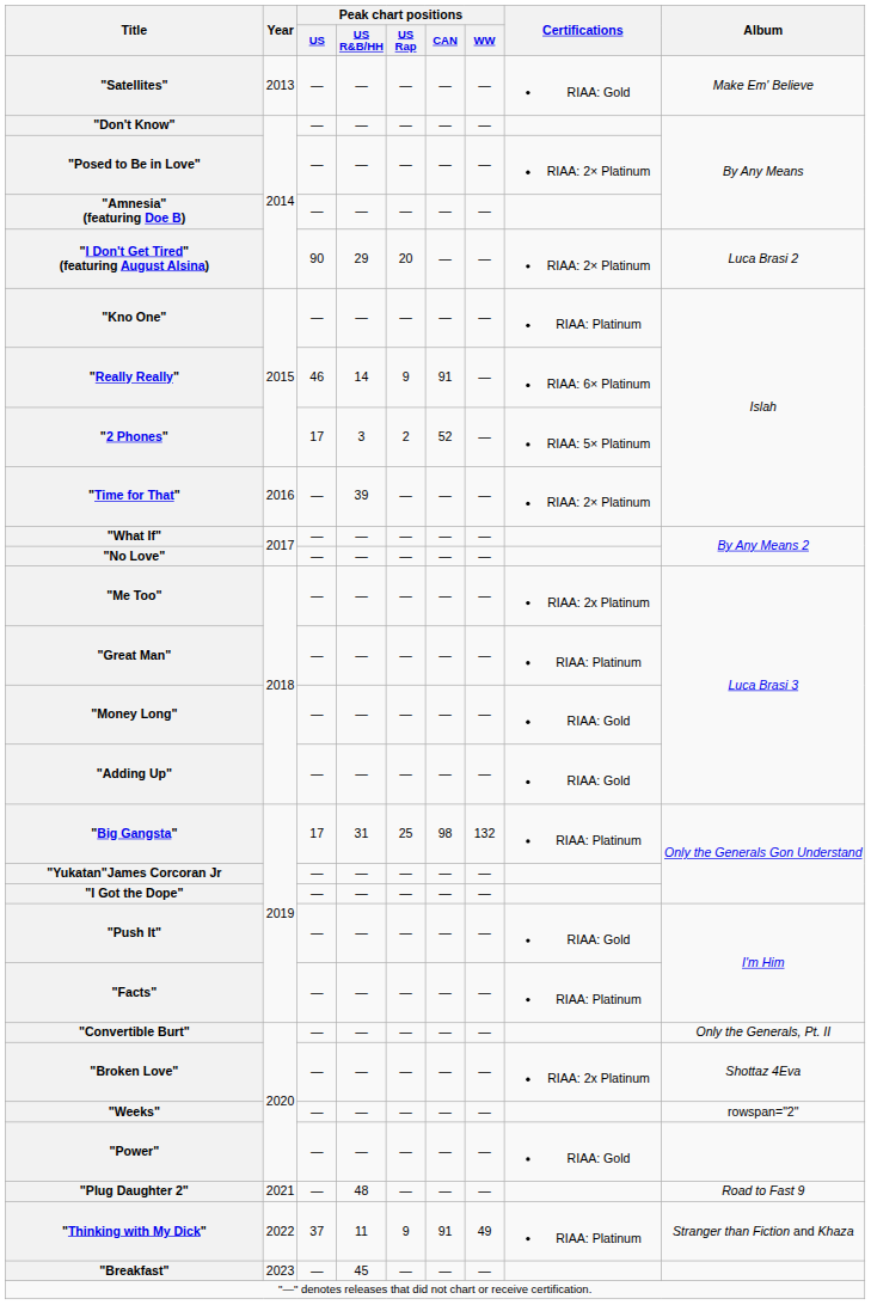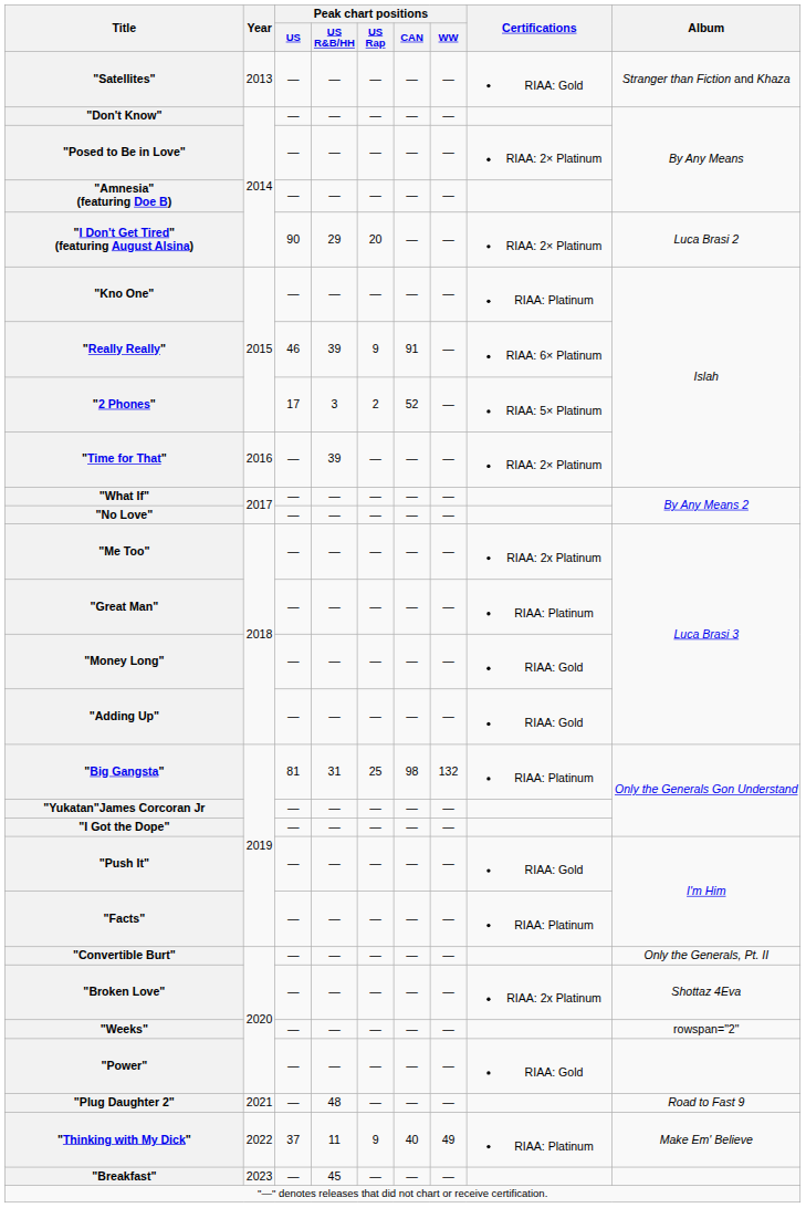 <table class="wikitable plainrowheaders" style="text-align:center;">
 <tr>
 <th scope="col" rowspan="2" style="width:20em;">Title</th>
 <th scope="col" rowspan="2">Year</th>
 <th colspan="5" scope="col">Peak chart positions</th>
 <th scope="col" rowspan="2" style="width:12em;"><a href='#'>Certifications</a></th>
 <th scope="col" rowspan="2">Album</th>
 </tr>
 <tr>
 <th style="width:3em;font-size:90%;"><a href='#'>US</a><br></th>
 <th style="width:3em;font-size:90%;"><a href='#'>US<br>R&B/HH</a><br></th>
 <th style="width:3em;font-size:90%;"><a href='#'>US<br>Rap</a><br></th>
 <th style="width:3em;font-size:90%;"><a href='#'>CAN</a><br></th>
 <th style="width:3em;font-size:90%;"><a href='#'>WW</a><br></th>
 </tr>
 <tr>
 <th scope="row">"Satellites"</th>
 <td>2013</td>
 <td>—</td>
 <td>—</td>
 <td>—</td>
 <td>—</td>
 <td>—</td>
 <td><br><ul><li>RIAA: Gold</li></ul></td>
-<td><em>Make Em' Believe</em></td>
+<td><em>Stranger than Fiction</em> and <em>Khaza</em></td>
 </tr>
 <tr>
 <th scope="row">"Don't Know"</th>
 <td rowspan="4">2014</td>
 <td>—</td>
 <td>—</td>
 <td>—</td>
 <td>—</td>
 <td>—</td>
 <td></td>
 <td rowspan="3"><em>By Any Means</em></td>
 </tr>
 <tr>
 <th scope="row">"Posed to Be in Love"</th>
 <td>—</td>
 <td>—</td>
 <td>—</td>
 <td>—</td>
 <td>—</td>
 <td><br><ul><li>RIAA: 2× Platinum</li></ul></td>
 </tr>
 <tr>
 <th scope="row">"Amnesia" <br><span>(featuring <a href='#'>Doe B</a>)</span></th>
 <td>—</td>
 <td>—</td>
 <td>—</td>
 <td>—</td>
 <td>—</td>
 <td></td>
 </tr>
 <tr>
 <th scope="row">"<a href='#'>I Don't Get Tired</a>" <br><span>(featuring <a href='#'>August Alsina</a>)</span></th>
 <td>90</td>
 <td>29</td>
 <td>20</td>
 <td>—</td>
 <td>—</td>
 <td><br><ul><li>RIAA: 2× Platinum</li></ul></td>
 <td><em>Luca Brasi 2</em></td>
 </tr>
 <tr>
 <th scope="row">"Kno One"</th>
 <td rowspan="3">2015</td>
 <td>—</td>
 <td>—</td>
 <td>—</td>
 <td>—</td>
 <td>—</td>
 <td><br><ul><li>RIAA: Platinum</li></ul></td>
 <td rowspan="4"><em>Islah</em></td>
 </tr>
 <tr>
 <th scope="row">"<a href='#'>Really Really</a>"</th>
 <td>46</td>
-<td>14</td>
+<td>39</td>
 <td>9</td>
 <td>91</td>
 <td>—</td>
 <td><br><ul><li>RIAA: 6× Platinum</li></ul></td>
 </tr>
 <tr>
 <th scope="row">"<a href='#'>2 Phones</a>"</th>
 <td>17</td>
 <td>3</td>
 <td>2</td>
 <td>52</td>
 <td>—</td>
 <td><br><ul><li>RIAA: 5× Platinum</li></ul></td>
 </tr>
 <tr>
 <th scope="row">"<a href='#'>Time for That</a>"</th>
 <td>2016</td>
 <td>—</td>
 <td>39</td>
 <td>—</td>
 <td>—</td>
 <td>—</td>
 <td><br><ul><li>RIAA: 2× Platinum</li></ul></td>
 </tr>
 <tr>
 <th scope="row">"What If"</th>
 <td rowspan="2">2017</td>
 <td>—</td>
 <td>—</td>
 <td>—</td>
 <td>—</td>
 <td>—</td>
 <td></td>
 <td rowspan="2"><em><a href='#'>By Any Means 2</a></em></td>
 </tr>
 <tr>
 <th scope="row">"No Love"</th>
 <td>—</td>
 <td>—</td>
 <td>—</td>
 <td>—</td>
 <td>—</td>
 <td></td>
 </tr>
 <tr>
 <th scope="row">"Me Too"</th>
 <td rowspan="4">2018</td>
 <td>—</td>
 <td>—</td>
 <td>—</td>
 <td>—</td>
 <td>—</td>
 <td><br><ul><li>RIAA: 2x Platinum</li></ul></td>
 <td rowspan="4"><em><a href='#'>Luca Brasi 3</a></em></td>
 </tr>
 <tr>
 <th scope="row">"Great Man"</th>
 <td>—</td>
 <td>—</td>
 <td>—</td>
 <td>—</td>
 <td>—</td>
 <td><br><ul><li>RIAA: Platinum</li></ul></td>
 </tr>
 <tr>
 <th scope="row">"Money Long"</th>
 <td>—</td>
 <td>—</td>
 <td>—</td>
 <td>—</td>
 <td>—</td>
 <td><br><ul><li>RIAA: Gold</li></ul></td>
 </tr>
 <tr>
 <th scope="row">"Adding Up"</th>
 <td>—</td>
 <td>—</td>
 <td>—</td>
 <td>—</td>
 <td>—</td>
 <td><br><ul><li>RIAA: Gold</li></ul></td>
 </tr>
 <tr>
 <th scope="row">"<a href='#'>Big Gangsta</a>"</th>
 <td rowspan="5">2019</td>
-<td>17</td>
+<td>81</td>
 <td>31</td>
 <td>25</td>
 <td>98</td>
 <td>132</td>
 <td><br><ul><li>RIAA: Platinum</li></ul></td>
 <td rowspan="3"><em><a href='#'>Only the Generals Gon Understand</a></em></td>
 </tr>
 <tr>
 <th scope="row">"Yukatan"James Corcoran Jr</th>
 <td>—</td>
 <td>—</td>
 <td>—</td>
 <td>—</td>
 <td>—</td>
 <td></td>
 </tr>
 <tr>
 <th scope="row">"I Got the Dope"</th>
 <td>—</td>
 <td>—</td>
 <td>—</td>
 <td>—</td>
 <td>—</td>
 <td></td>
 </tr>
 <tr>
 <th scope="row">"Push It"</th>
 <td>—</td>
 <td>—</td>
 <td>—</td>
 <td>—</td>
 <td>—</td>
 <td><br><ul><li>RIAA: Gold</li></ul></td>
 <td rowspan="2"><em><a href='#'>I'm Him</a></em></td>
 </tr>
 <tr>
 <th scope="row">"Facts"</th>
 <td>—</td>
 <td>—</td>
 <td>—</td>
 <td>—</td>
 <td>—</td>
 <td><br><ul><li>RIAA: Platinum</li></ul></td>
 </tr>
 <tr>
 <th scope="row">"Convertible Burt"<br></th>
 <td rowspan="4">2020</td>
 <td>—</td>
 <td>—</td>
 <td>—</td>
 <td>—</td>
 <td>—</td>
 <td></td>
 <td><em>Only the Generals, Pt. II</em></td>
 </tr>
 <tr>
 <th scope="row">"Broken Love"<br></th>
 <td>—</td>
 <td>—</td>
 <td>—</td>
 <td>—</td>
 <td>—</td>
 <td><br><ul><li>RIAA: 2x Platinum</li></ul></td>
 <td><em>Shottaz 4Eva</em></td>
 </tr>
 <tr>
 <th scope="row">"Weeks"</th>
 <td>—</td>
 <td>—</td>
 <td>—</td>
 <td>—</td>
 <td>—</td>
 <td></td>
 <td>rowspan="2" </td>
 </tr>
 <tr>
 <th scope="row">"Power"<br></th>
 <td>—</td>
 <td>—</td>
 <td>—</td>
 <td>—</td>
 <td>—</td>
 <td><br><ul><li>RIAA: Gold</li></ul></td>
 </tr>
 <tr>
 <th scope="row">"Plug Daughter 2"</th>
 <td>2021</td>
 <td>—</td>
 <td>48</td>
 <td>—</td>
 <td>—</td>
 <td>—</td>
 <td></td>
 <td><em>Road to Fast 9</em></td>
 </tr>
 <tr>
 <th scope="row">"<a href='#'>Thinking with My Dick</a>"<br></th>
 <td>2022</td>
 <td>37</td>
 <td>11</td>
 <td>9</td>
-<td>91</td>
+<td>40</td>
 <td>49</td>
 <td><br><ul><li>RIAA: Platinum</li></ul></td>
-<td><em>Stranger than Fiction</em> and <em>Khaza</em></td>
+<td><em>Make Em' Believe</em></td>
 </tr>
 <tr>
 <th scope="row">"Breakfast"</th>
 <td>2023</td>
 <td>—</td>
 <td>45</td>
 <td>—</td>
 <td>—</td>
 <td>—</td>
 <td></td>
 <td></td>
 </tr>
 <tr>
 <td colspan="10" style="font-size:90%">"—" denotes releases that did not chart or receive certification.</td>
 </tr>
 </table>
